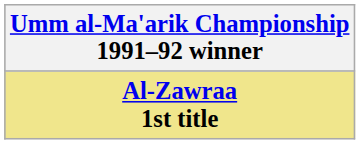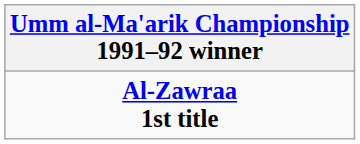 <table class="wikitable" style="text-align: center; margin: 0 auto;">
 <tr>
 <th><a href='#'>Umm al-Ma'arik Championship</a><br>1991–92 winner</th>
 </tr>
 <tr>
-<td style="background: khaki;"><strong><a href='#'>Al-Zawraa</a></strong><br><strong>1st title</strong></td>
+<td><strong><a href='#'>Al-Zawraa</a></strong><br><strong>1st title</strong></td>
 </tr>
 </table>
